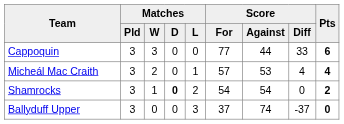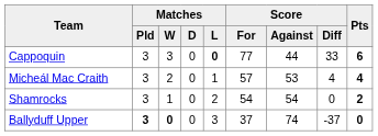 <table style=border-collapse:collapse border=1 cellspacing=0 cellpadding=5>
 <tr align=center bgcolor=#efefef>
 <th rowspan=2 width=165>Team</th>
 <th colspan=4>Matches</th>
 <th colspan=3>Score</th>
 <th rowspan=2width=20>Pts</th>
 </tr>
 <tr align=center bgcolor=#efefef>
 <th width=20>Pld</th>
 <th width=20>W</th>
 <th width=20>D</th>
 <th width=20>L</th>
 <th width=45>For</th>
 <th width=45>Against</th>
 <th width=30>Diff</th>
 </tr>
 <tr align=center>
 <td style="text-align:left;"><a href='#'>Cappoquin</a></td>
 <td>3</td>
 <td>3</td>
 <td>0</td>
-<td>0</td>
+<td><strong>0</strong></td>
 <td>77</td>
 <td>44</td>
 <td>33</td>
 <td><strong>6</strong></td>
 </tr>
 <tr align=center>
 <td style="text-align:left;"><a href='#'>Micheál Mac Craith</a></td>
 <td>3</td>
 <td>2</td>
 <td>0</td>
 <td>1</td>
 <td>57</td>
 <td>53</td>
 <td>4</td>
 <td><strong>4</strong></td>
 </tr>
 <tr align=center>
 <td style="text-align:left;"><a href='#'>Shamrocks</a></td>
 <td>3</td>
 <td>1</td>
-<td><strong>0</strong></td>
+<td>0</td>
 <td>2</td>
 <td>54</td>
 <td>54</td>
 <td>0</td>
 <td><strong>2</strong></td>
 </tr>
 <tr align=center>
 <td style="text-align:left;"><a href='#'>Ballyduff Upper</a></td>
-<td>3</td>
-<td>0</td>
+<td><strong>3</strong></td>
+<td><strong>0</strong></td>
 <td>0</td>
 <td>3</td>
 <td>37</td>
 <td>74</td>
 <td>-37</td>
 <td><strong>0</strong></td>
 </tr>
 </table>
